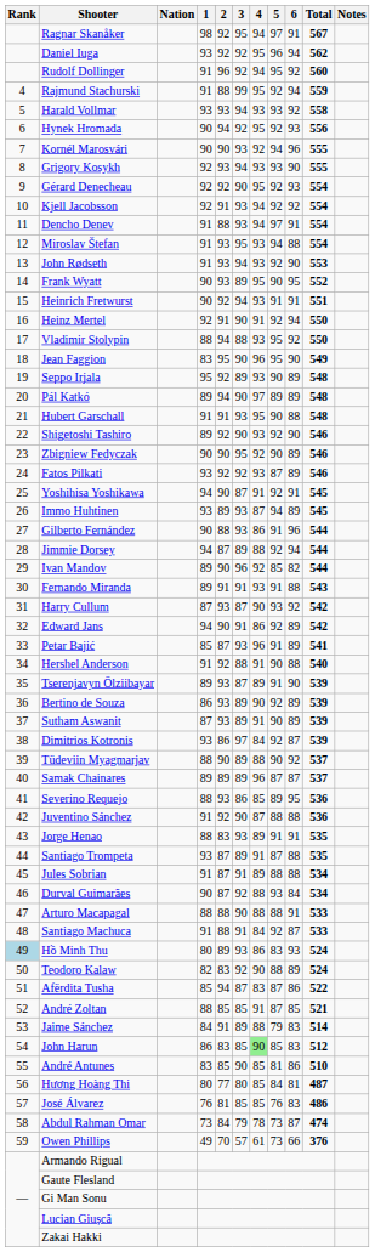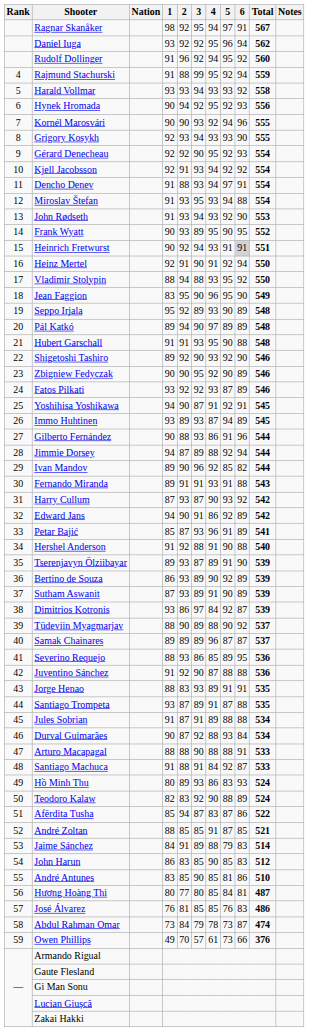 <table class="wikitable sortable" style="text-align: center">
 <tr>
 <th>Rank</th>
 <th>Shooter</th>
 <th>Nation</th>
 <th>1</th>
 <th>2</th>
 <th>3</th>
 <th>4</th>
 <th>5</th>
 <th>6</th>
 <th>Total</th>
 <th>Notes</th>
 </tr>
 <tr>
 <td></td>
 <td align=left><a href='#'>Ragnar Skanåker</a></td>
 <td style="text-align: left"></td>
 <td>98</td>
 <td>92</td>
 <td>95</td>
 <td>94</td>
 <td>97</td>
 <td>91</td>
 <td><strong>567</strong></td>
 <td></td>
 </tr>
 <tr>
 <td></td>
 <td align=left><a href='#'>Daniel Iuga</a></td>
 <td style="text-align: left"></td>
 <td>93</td>
 <td>92</td>
 <td>92</td>
 <td>95</td>
 <td>96</td>
 <td>94</td>
 <td><strong>562</strong></td>
 <td></td>
 </tr>
 <tr>
 <td></td>
 <td align=left><a href='#'>Rudolf Dollinger</a></td>
 <td style="text-align: left"></td>
 <td>91</td>
 <td>96</td>
 <td>92</td>
 <td>94</td>
 <td>95</td>
 <td>92</td>
 <td><strong>560</strong></td>
 <td></td>
 </tr>
 <tr>
 <td>4</td>
 <td align=left><a href='#'>Rajmund Stachurski</a></td>
 <td style="text-align: left"></td>
 <td>91</td>
 <td>88</td>
 <td>99</td>
 <td>95</td>
 <td>92</td>
 <td>94</td>
 <td><strong>559</strong></td>
 <td></td>
 </tr>
 <tr>
 <td>5</td>
 <td align=left><a href='#'>Harald Vollmar</a></td>
 <td style="text-align: left"></td>
 <td>93</td>
 <td>93</td>
 <td>94</td>
 <td>93</td>
 <td>93</td>
 <td>92</td>
 <td><strong>558</strong></td>
 <td></td>
 </tr>
 <tr>
 <td>6</td>
 <td align=left><a href='#'>Hynek Hromada</a></td>
 <td style="text-align: left"></td>
 <td>90</td>
 <td>94</td>
 <td>92</td>
 <td>95</td>
 <td>92</td>
 <td>93</td>
 <td><strong>556</strong></td>
 <td></td>
 </tr>
 <tr>
 <td>7</td>
 <td align=left><a href='#'>Kornél Marosvári</a></td>
 <td style="text-align: left"></td>
 <td>90</td>
 <td>90</td>
 <td>93</td>
 <td>92</td>
 <td>94</td>
 <td>96</td>
 <td><strong>555</strong></td>
 <td></td>
 </tr>
 <tr>
 <td>8</td>
 <td align=left><a href='#'>Grigory Kosykh</a></td>
 <td style="text-align: left"></td>
 <td>92</td>
 <td>93</td>
 <td>94</td>
 <td>93</td>
 <td>93</td>
 <td>90</td>
 <td><strong>555</strong></td>
 <td></td>
 </tr>
 <tr>
 <td>9</td>
 <td align=left><a href='#'>Gérard Denecheau</a></td>
 <td style="text-align: left"></td>
 <td>92</td>
 <td>92</td>
 <td>90</td>
 <td>95</td>
 <td>92</td>
 <td>93</td>
 <td><strong>554</strong></td>
 <td></td>
 </tr>
 <tr>
 <td>10</td>
 <td align=left><a href='#'>Kjell Jacobsson</a></td>
 <td style="text-align: left"></td>
 <td>92</td>
 <td>91</td>
 <td>93</td>
 <td>94</td>
 <td>92</td>
 <td>92</td>
 <td><strong>554</strong></td>
 <td></td>
 </tr>
 <tr>
 <td>11</td>
 <td align=left><a href='#'>Dencho Denev</a></td>
 <td style="text-align: left"></td>
 <td>91</td>
 <td>88</td>
 <td>93</td>
 <td>94</td>
 <td>97</td>
 <td>91</td>
 <td><strong>554</strong></td>
 <td></td>
 </tr>
 <tr>
 <td>12</td>
 <td align=left><a href='#'>Miroslav Štefan</a></td>
 <td style="text-align: left"></td>
 <td>91</td>
 <td>93</td>
 <td>95</td>
 <td>93</td>
 <td>94</td>
 <td>88</td>
 <td><strong>554</strong></td>
 <td></td>
 </tr>
 <tr>
 <td>13</td>
 <td align=left><a href='#'>John Rødseth</a></td>
 <td style="text-align: left"></td>
 <td>91</td>
 <td>93</td>
 <td>94</td>
 <td>93</td>
 <td>92</td>
 <td>90</td>
 <td><strong>553</strong></td>
 <td></td>
 </tr>
 <tr>
 <td>14</td>
 <td align=left><a href='#'>Frank Wyatt</a></td>
 <td style="text-align: left"></td>
 <td>90</td>
 <td>93</td>
 <td>89</td>
 <td>95</td>
 <td>90</td>
 <td>95</td>
 <td><strong>552</strong></td>
 <td></td>
 </tr>
 <tr>
 <td>15</td>
 <td align=left><a href='#'>Heinrich Fretwurst</a></td>
 <td style="text-align: left"></td>
 <td>90</td>
 <td>92</td>
 <td>94</td>
 <td>93</td>
 <td>91</td>
-<td>91</td>
+<td style="background: lightgrey;">91</td>
 <td><strong>551</strong></td>
 <td></td>
 </tr>
 <tr>
 <td>16</td>
 <td align=left><a href='#'>Heinz Mertel</a></td>
 <td style="text-align: left"></td>
 <td>92</td>
 <td>91</td>
 <td>90</td>
 <td>91</td>
 <td>92</td>
 <td>94</td>
 <td><strong>550</strong></td>
 <td></td>
 </tr>
 <tr>
 <td>17</td>
 <td align=left><a href='#'>Vladimir Stolypin</a></td>
 <td style="text-align: left"></td>
 <td>88</td>
 <td>94</td>
 <td>88</td>
 <td>93</td>
 <td>95</td>
 <td>92</td>
 <td><strong>550</strong></td>
 <td></td>
 </tr>
 <tr>
 <td>18</td>
 <td align=left><a href='#'>Jean Faggion</a></td>
 <td style="text-align: left"></td>
 <td>83</td>
 <td>95</td>
 <td>90</td>
 <td>96</td>
 <td>95</td>
 <td>90</td>
 <td><strong>549</strong></td>
 <td></td>
 </tr>
 <tr>
 <td>19</td>
 <td align=left><a href='#'>Seppo Irjala</a></td>
 <td style="text-align: left"></td>
 <td>95</td>
 <td>92</td>
 <td>89</td>
 <td>93</td>
 <td>90</td>
 <td>89</td>
 <td><strong>548</strong></td>
 <td></td>
 </tr>
 <tr>
 <td>20</td>
 <td align=left><a href='#'>Pál Katkó</a></td>
 <td style="text-align: left"></td>
 <td>89</td>
 <td>94</td>
 <td>90</td>
 <td>97</td>
 <td>89</td>
 <td>89</td>
 <td><strong>548</strong></td>
 <td></td>
 </tr>
 <tr>
 <td>21</td>
 <td align=left><a href='#'>Hubert Garschall</a></td>
 <td style="text-align: left"></td>
 <td>91</td>
 <td>91</td>
 <td>93</td>
 <td>95</td>
 <td>90</td>
 <td>88</td>
 <td><strong>548</strong></td>
 <td></td>
 </tr>
 <tr>
 <td>22</td>
 <td align=left><a href='#'>Shigetoshi Tashiro</a></td>
 <td style="text-align: left"></td>
 <td>89</td>
 <td>92</td>
 <td>90</td>
 <td>93</td>
 <td>92</td>
 <td>90</td>
 <td><strong>546</strong></td>
 <td></td>
 </tr>
 <tr>
 <td>23</td>
 <td align=left><a href='#'>Zbigniew Fedyczak</a></td>
 <td style="text-align: left"></td>
 <td>90</td>
 <td>90</td>
 <td>95</td>
 <td>92</td>
 <td>90</td>
 <td>89</td>
 <td><strong>546</strong></td>
 <td></td>
 </tr>
 <tr>
 <td>24</td>
 <td align=left><a href='#'>Fatos Pilkati</a></td>
 <td style="text-align: left"></td>
 <td>93</td>
 <td>92</td>
 <td>92</td>
 <td>93</td>
 <td>87</td>
 <td>89</td>
 <td><strong>546</strong></td>
 <td></td>
 </tr>
 <tr>
 <td>25</td>
 <td align=left><a href='#'>Yoshihisa Yoshikawa</a></td>
 <td style="text-align: left"></td>
 <td>94</td>
 <td>90</td>
 <td>87</td>
 <td>91</td>
 <td>92</td>
 <td>91</td>
 <td><strong>545</strong></td>
 <td></td>
 </tr>
 <tr>
 <td>26</td>
 <td align=left><a href='#'>Immo Huhtinen</a></td>
 <td style="text-align: left"></td>
 <td>93</td>
 <td>89</td>
 <td>93</td>
 <td>87</td>
 <td>94</td>
 <td>89</td>
 <td><strong>545</strong></td>
 <td></td>
 </tr>
 <tr>
 <td>27</td>
 <td align=left><a href='#'>Gilberto Fernández</a></td>
 <td style="text-align: left"></td>
 <td>90</td>
 <td>88</td>
 <td>93</td>
 <td>86</td>
 <td>91</td>
 <td>96</td>
 <td><strong>544</strong></td>
 <td></td>
 </tr>
 <tr>
 <td>28</td>
 <td align=left><a href='#'>Jimmie Dorsey</a></td>
 <td style="text-align: left"></td>
 <td>94</td>
 <td>87</td>
 <td>89</td>
 <td>88</td>
 <td>92</td>
 <td>94</td>
 <td><strong>544</strong></td>
 <td></td>
 </tr>
 <tr>
 <td>29</td>
 <td align=left><a href='#'>Ivan Mandov</a></td>
 <td style="text-align: left"></td>
 <td>89</td>
 <td>90</td>
 <td>96</td>
 <td>92</td>
 <td>85</td>
 <td>82</td>
 <td><strong>544</strong></td>
 <td></td>
 </tr>
 <tr>
 <td>30</td>
 <td align=left><a href='#'>Fernando Miranda</a></td>
 <td style="text-align: left"></td>
 <td>89</td>
 <td>91</td>
 <td>91</td>
 <td>93</td>
 <td>91</td>
 <td>88</td>
 <td><strong>543</strong></td>
 <td></td>
 </tr>
 <tr>
 <td>31</td>
 <td align=left><a href='#'>Harry Cullum</a></td>
 <td style="text-align: left"></td>
 <td>87</td>
 <td>93</td>
 <td>87</td>
 <td>90</td>
 <td>93</td>
 <td>92</td>
 <td><strong>542</strong></td>
 <td></td>
 </tr>
 <tr>
 <td>32</td>
 <td align=left><a href='#'>Edward Jans</a></td>
 <td style="text-align: left"></td>
 <td>94</td>
 <td>90</td>
 <td>91</td>
 <td>86</td>
 <td>92</td>
 <td>89</td>
 <td><strong>542</strong></td>
 <td></td>
 </tr>
 <tr>
 <td>33</td>
 <td align=left><a href='#'>Petar Bajić</a></td>
 <td style="text-align: left"></td>
 <td>85</td>
 <td>87</td>
 <td>93</td>
 <td>96</td>
 <td>91</td>
 <td>89</td>
 <td><strong>541</strong></td>
 <td></td>
 </tr>
 <tr>
 <td>34</td>
 <td align=left><a href='#'>Hershel Anderson</a></td>
 <td style="text-align: left"></td>
 <td>91</td>
 <td>92</td>
 <td>88</td>
 <td>91</td>
 <td>90</td>
 <td>88</td>
 <td><strong>540</strong></td>
 <td></td>
 </tr>
 <tr>
 <td>35</td>
 <td align=left><a href='#'>Tserenjavyn Ölziibayar</a></td>
 <td style="text-align: left"></td>
 <td>89</td>
 <td>93</td>
 <td>87</td>
 <td>89</td>
 <td>91</td>
 <td>90</td>
 <td><strong>539</strong></td>
 <td></td>
 </tr>
 <tr>
 <td>36</td>
 <td align=left><a href='#'>Bertino de Souza</a></td>
 <td style="text-align: left"></td>
 <td>86</td>
 <td>93</td>
 <td>89</td>
 <td>90</td>
 <td>92</td>
 <td>89</td>
 <td><strong>539</strong></td>
 <td></td>
 </tr>
 <tr>
 <td>37</td>
 <td align=left><a href='#'>Sutham Aswanit</a></td>
 <td style="text-align: left"></td>
 <td>87</td>
 <td>93</td>
 <td>89</td>
 <td>91</td>
 <td>90</td>
 <td>89</td>
 <td><strong>539</strong></td>
 <td></td>
 </tr>
 <tr>
 <td>38</td>
 <td align=left><a href='#'>Dimitrios Kotronis</a></td>
 <td style="text-align: left"></td>
 <td>93</td>
 <td>86</td>
 <td>97</td>
 <td>84</td>
 <td>92</td>
 <td>87</td>
 <td><strong>539</strong></td>
 <td></td>
 </tr>
 <tr>
 <td>39</td>
 <td align=left><a href='#'>Tüdeviin Myagmarjav</a></td>
 <td style="text-align: left"></td>
 <td>88</td>
 <td>90</td>
 <td>89</td>
 <td>88</td>
 <td>90</td>
 <td>92</td>
 <td><strong>537</strong></td>
 <td></td>
 </tr>
 <tr>
 <td>40</td>
 <td align=left><a href='#'>Samak Chainares</a></td>
 <td style="text-align: left"></td>
 <td>89</td>
 <td>89</td>
 <td>89</td>
 <td>96</td>
 <td>87</td>
 <td>87</td>
 <td><strong>537</strong></td>
 <td></td>
 </tr>
 <tr>
 <td>41</td>
 <td align=left><a href='#'>Severino Requejo</a></td>
 <td style="text-align: left"></td>
 <td>88</td>
 <td>93</td>
 <td>86</td>
 <td>85</td>
 <td>89</td>
 <td>95</td>
 <td><strong>536</strong></td>
 <td></td>
 </tr>
 <tr>
 <td>42</td>
 <td align=left><a href='#'>Juventino Sánchez</a></td>
 <td style="text-align: left"></td>
 <td>91</td>
 <td>92</td>
 <td>90</td>
 <td>87</td>
 <td>88</td>
 <td>88</td>
 <td><strong>536</strong></td>
 <td></td>
 </tr>
 <tr>
 <td>43</td>
 <td align=left><a href='#'>Jorge Henao</a></td>
 <td style="text-align: left"></td>
 <td>88</td>
 <td>83</td>
 <td>93</td>
 <td>89</td>
 <td>91</td>
 <td>91</td>
 <td><strong>535</strong></td>
 <td></td>
 </tr>
 <tr>
 <td>44</td>
 <td align=left><a href='#'>Santiago Trompeta</a></td>
 <td style="text-align: left"></td>
 <td>93</td>
 <td>87</td>
 <td>89</td>
 <td>91</td>
 <td>87</td>
 <td>88</td>
 <td><strong>535</strong></td>
 <td></td>
 </tr>
 <tr>
 <td>45</td>
 <td align=left><a href='#'>Jules Sobrian</a></td>
 <td style="text-align: left"></td>
 <td>91</td>
 <td>87</td>
 <td>91</td>
 <td>89</td>
 <td>88</td>
 <td>88</td>
 <td><strong>534</strong></td>
 <td></td>
 </tr>
 <tr>
 <td>46</td>
 <td align=left><a href='#'>Durval Guimarães</a></td>
 <td style="text-align: left"></td>
 <td>90</td>
 <td>87</td>
 <td>92</td>
 <td>88</td>
 <td>93</td>
 <td>84</td>
 <td><strong>534</strong></td>
 <td></td>
 </tr>
 <tr>
 <td>47</td>
 <td align=left><a href='#'>Arturo Macapagal</a></td>
 <td style="text-align: left"></td>
 <td>88</td>
 <td>88</td>
 <td>90</td>
 <td>88</td>
 <td>88</td>
 <td>91</td>
 <td><strong>533</strong></td>
 <td></td>
 </tr>
 <tr>
 <td>48</td>
 <td align=left><a href='#'>Santiago Machuca</a></td>
 <td style="text-align: left"></td>
 <td>91</td>
 <td>88</td>
 <td>91</td>
 <td>84</td>
 <td>92</td>
 <td>87</td>
 <td><strong>533</strong></td>
 <td></td>
 </tr>
 <tr>
-<td style="background: lightblue;">49</td>
+<td>49</td>
 <td align=left><a href='#'>Hồ Minh Thu</a></td>
 <td style="text-align: left"></td>
 <td>80</td>
 <td>89</td>
 <td>93</td>
 <td>86</td>
 <td>83</td>
 <td>93</td>
 <td><strong>524</strong></td>
 <td></td>
 </tr>
 <tr>
 <td>50</td>
 <td align=left><a href='#'>Teodoro Kalaw</a></td>
 <td style="text-align: left"></td>
 <td>82</td>
 <td>83</td>
 <td>92</td>
 <td>90</td>
 <td>88</td>
 <td>89</td>
 <td><strong>524</strong></td>
 <td></td>
 </tr>
 <tr>
 <td>51</td>
 <td align=left><a href='#'>Afërdita Tusha</a></td>
 <td style="text-align: left"></td>
 <td>85</td>
 <td>94</td>
 <td>87</td>
 <td>83</td>
 <td>87</td>
 <td>86</td>
 <td><strong>522</strong></td>
 <td></td>
 </tr>
 <tr>
 <td>52</td>
 <td align=left><a href='#'>André Zoltan</a></td>
 <td style="text-align: left"></td>
 <td>88</td>
 <td>85</td>
 <td>85</td>
 <td>91</td>
 <td>87</td>
 <td>85</td>
 <td><strong>521</strong></td>
 <td></td>
 </tr>
 <tr>
 <td>53</td>
 <td align=left><a href='#'>Jaime Sánchez</a></td>
 <td style="text-align: left"></td>
 <td>84</td>
 <td>91</td>
 <td>89</td>
 <td>88</td>
 <td>79</td>
 <td>83</td>
 <td><strong>514</strong></td>
 <td></td>
 </tr>
 <tr>
 <td>54</td>
 <td align=left><a href='#'>John Harun</a></td>
 <td style="text-align: left"></td>
 <td>86</td>
 <td>83</td>
 <td>85</td>
-<td style="background: lightgreen;">90</td>
+<td>90</td>
 <td>85</td>
 <td>83</td>
 <td><strong>512</strong></td>
 <td></td>
 </tr>
 <tr>
 <td>55</td>
 <td align=left><a href='#'>André Antunes</a></td>
 <td style="text-align: left"></td>
 <td>83</td>
 <td>85</td>
 <td>90</td>
 <td>85</td>
 <td>81</td>
 <td>86</td>
 <td><strong>510</strong></td>
 <td></td>
 </tr>
 <tr>
 <td>56</td>
 <td align=left><a href='#'>Hương Hoàng Thi</a></td>
 <td style="text-align: left"></td>
 <td>80</td>
 <td>77</td>
 <td>80</td>
 <td>85</td>
 <td>84</td>
 <td>81</td>
 <td><strong>487</strong></td>
 <td></td>
 </tr>
 <tr>
 <td>57</td>
 <td align=left><a href='#'>José Álvarez</a></td>
 <td style="text-align: left"></td>
 <td>76</td>
 <td>81</td>
 <td>85</td>
 <td>85</td>
 <td>76</td>
 <td>83</td>
 <td><strong>486</strong></td>
 <td></td>
 </tr>
 <tr>
 <td>58</td>
 <td align=left><a href='#'>Abdul Rahman Omar</a></td>
 <td style="text-align: left"></td>
 <td>73</td>
 <td>84</td>
 <td>79</td>
 <td>78</td>
 <td>73</td>
 <td>87</td>
 <td><strong>474</strong></td>
 <td></td>
 </tr>
 <tr>
 <td>59</td>
 <td align=left><a href='#'>Owen Phillips</a></td>
 <td style="text-align: left"></td>
 <td>49</td>
 <td>70</td>
 <td>57</td>
 <td>61</td>
 <td>73</td>
 <td>66</td>
 <td><strong>376</strong></td>
 <td></td>
 </tr>
 <tr>
 <td rowspan=5 data-sort-value=60>—</td>
 <td align=left>Armando Rigual</td>
 <td style="text-align: left"></td>
 <td colspan=7 data-sort-value=0></td>
 <td></td>
 </tr>
 <tr>
 <td align=left>Gaute Flesland</td>
 <td style="text-align: left"></td>
 <td colspan=7 data-sort-value=0></td>
 <td></td>
 </tr>
 <tr>
 <td align=left>Gi Man Sonu</td>
 <td style="text-align: left"></td>
 <td colspan=7 data-sort-value=0></td>
 <td></td>
 </tr>
 <tr>
 <td align=left><a href='#'>Lucian Giușcă</a></td>
 <td style="text-align: left"></td>
 <td colspan=7 data-sort-value=0></td>
 <td></td>
 </tr>
 <tr>
 <td align=left>Zakai Hakki</td>
 <td style="text-align: left"></td>
 <td colspan=7 data-sort-value=0></td>
 <td></td>
 </tr>
 </table>
